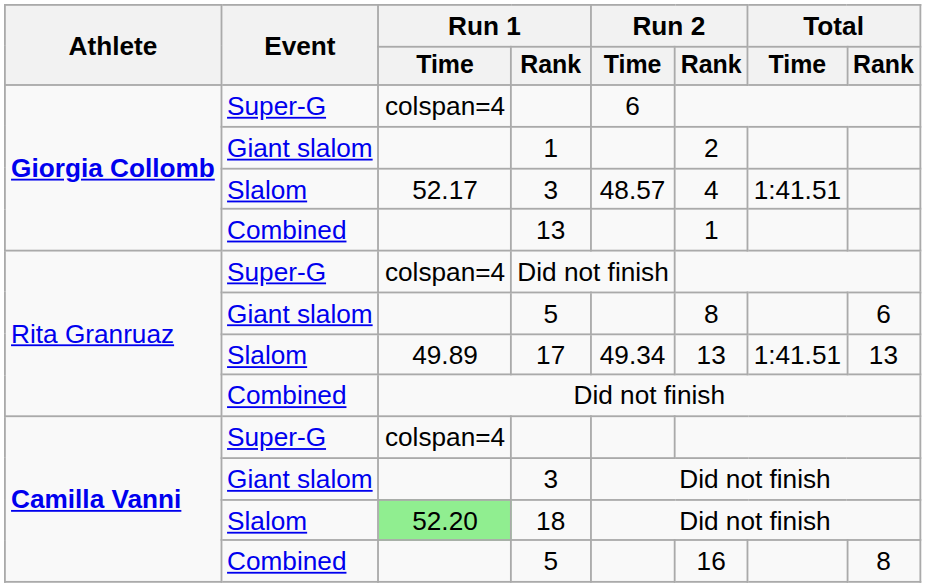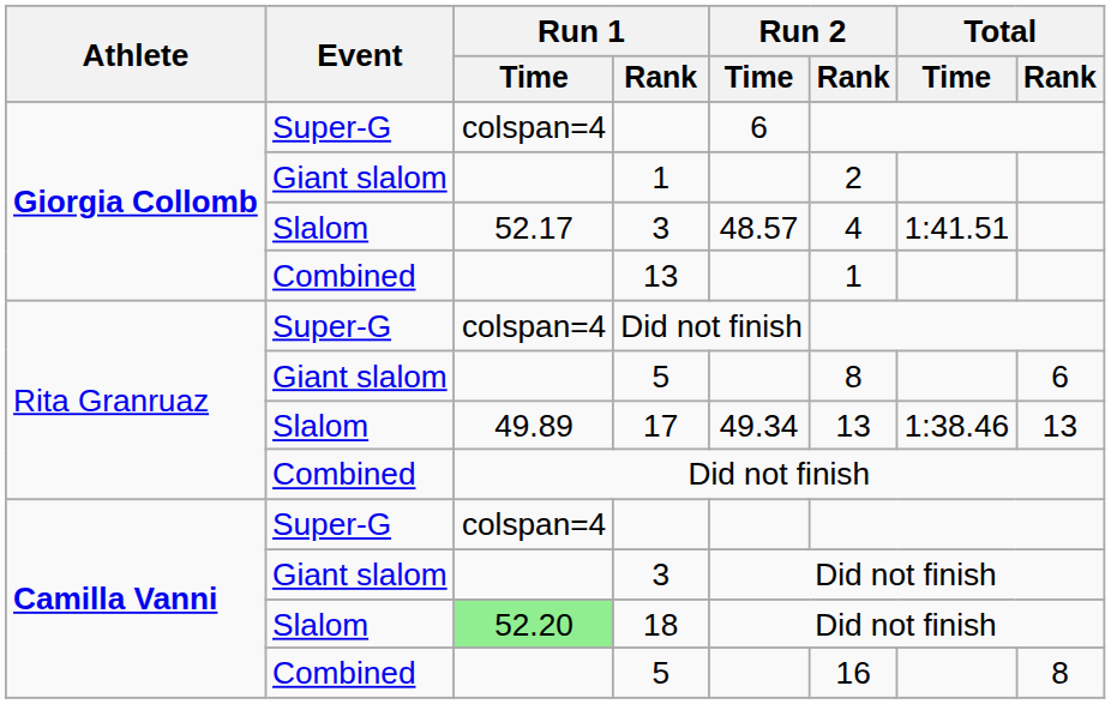 <table class="wikitable" style="font-size:90%">
 <tr>
 <th rowspan=2>Athlete</th>
 <th rowspan=2>Event</th>
 <th colspan=2>Run 1</th>
 <th colspan=2>Run 2</th>
 <th colspan=2>Total</th>
 </tr>
 <tr style="font-size:95%">
 <th>Time</th>
 <th>Rank</th>
 <th>Time</th>
 <th>Rank</th>
 <th>Time</th>
 <th>Rank</th>
 </tr>
 <tr align=center>
 <td align="left" rowspan="4"><strong><a href='#'>Giorgia Collomb</a></strong></td>
 <td align="left"><a href='#'>Super-G</a></td>
 <td>colspan=4</td>
 <td></td>
 <td>6</td>
 </tr>
 <tr align=center>
 <td align="left"><a href='#'>Giant slalom</a></td>
 <td></td>
 <td>1</td>
 <td></td>
 <td>2</td>
 <td></td>
 <td></td>
 </tr>
 <tr align=center>
 <td align="left"><a href='#'>Slalom</a></td>
 <td>52.17</td>
 <td>3</td>
 <td>48.57</td>
 <td>4</td>
 <td>1:41.51</td>
 <td></td>
 </tr>
 <tr align=center>
 <td align="left"><a href='#'>Combined</a></td>
 <td></td>
 <td>13</td>
 <td></td>
 <td>1</td>
 <td></td>
 <td></td>
 </tr>
 <tr align=center>
 <td align="left" rowspan="4"><a href='#'>Rita Granruaz</a></td>
 <td align="left"><a href='#'>Super-G</a></td>
 <td>colspan=4</td>
 <td colspan=2>Did not finish</td>
 </tr>
 <tr align=center>
 <td align="left"><a href='#'>Giant slalom</a></td>
 <td></td>
 <td>5</td>
 <td></td>
 <td>8</td>
 <td></td>
 <td>6</td>
 </tr>
 <tr align=center>
 <td align="left"><a href='#'>Slalom</a></td>
 <td>49.89</td>
 <td>17</td>
 <td>49.34</td>
 <td>13</td>
-<td>1:41.51</td>
+<td>1:38.46</td>
 <td>13</td>
 </tr>
 <tr align=center>
 <td align="left"><a href='#'>Combined</a></td>
 <td colspan=6>Did not finish</td>
 </tr>
 <tr align=center>
 <td align="left" rowspan="4"><strong><a href='#'>Camilla Vanni</a></strong></td>
 <td align="left"><a href='#'>Super-G</a></td>
 <td>colspan=4</td>
 <td></td>
 <td></td>
 </tr>
 <tr align=center>
 <td align="left"><a href='#'>Giant slalom</a></td>
 <td></td>
 <td>3</td>
 <td colspan=4>Did not finish</td>
 </tr>
 <tr align=center>
 <td align="left"><a href='#'>Slalom</a></td>
 <td style="background: lightgreen;">52.20</td>
 <td>18</td>
 <td colspan=4>Did not finish</td>
 </tr>
 <tr align=center>
 <td align="left"><a href='#'>Combined</a></td>
 <td></td>
 <td>5</td>
 <td></td>
 <td>16</td>
 <td></td>
 <td>8</td>
 </tr>
 </table>
